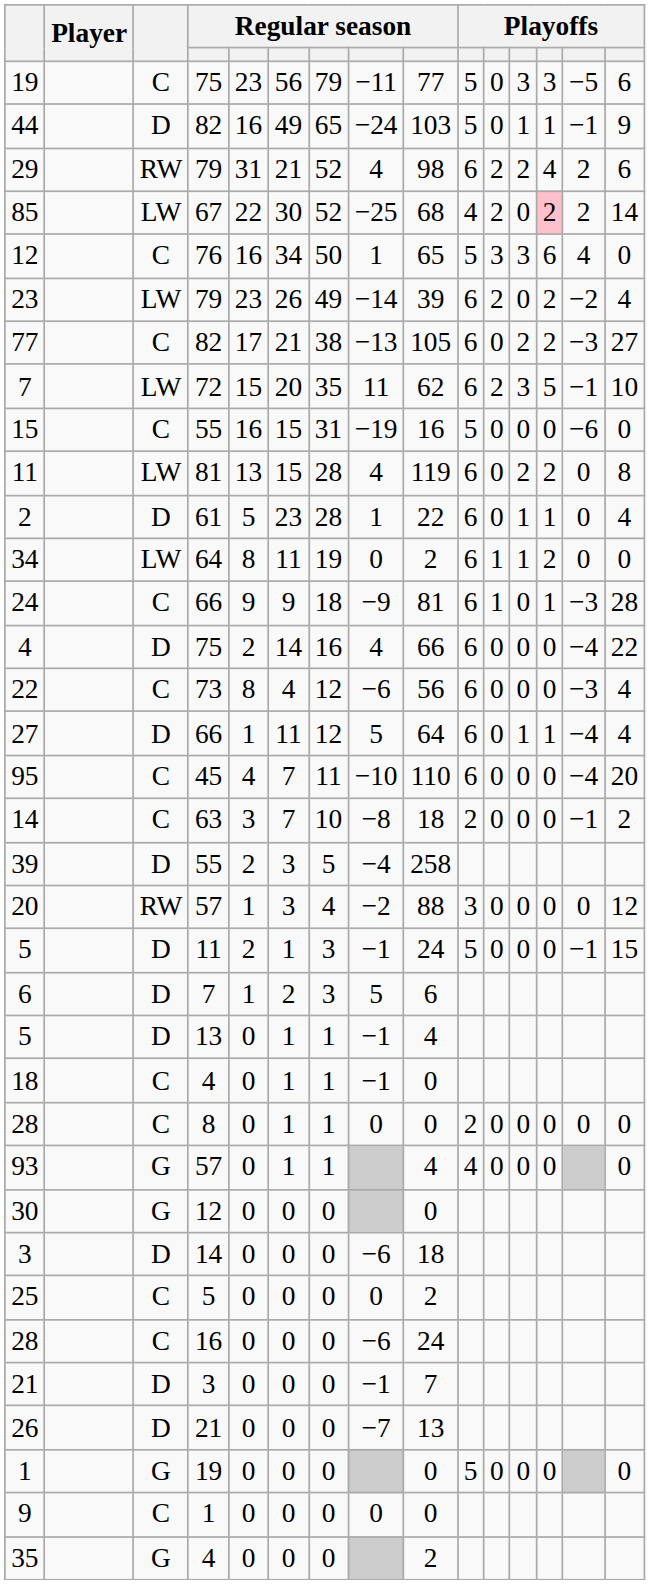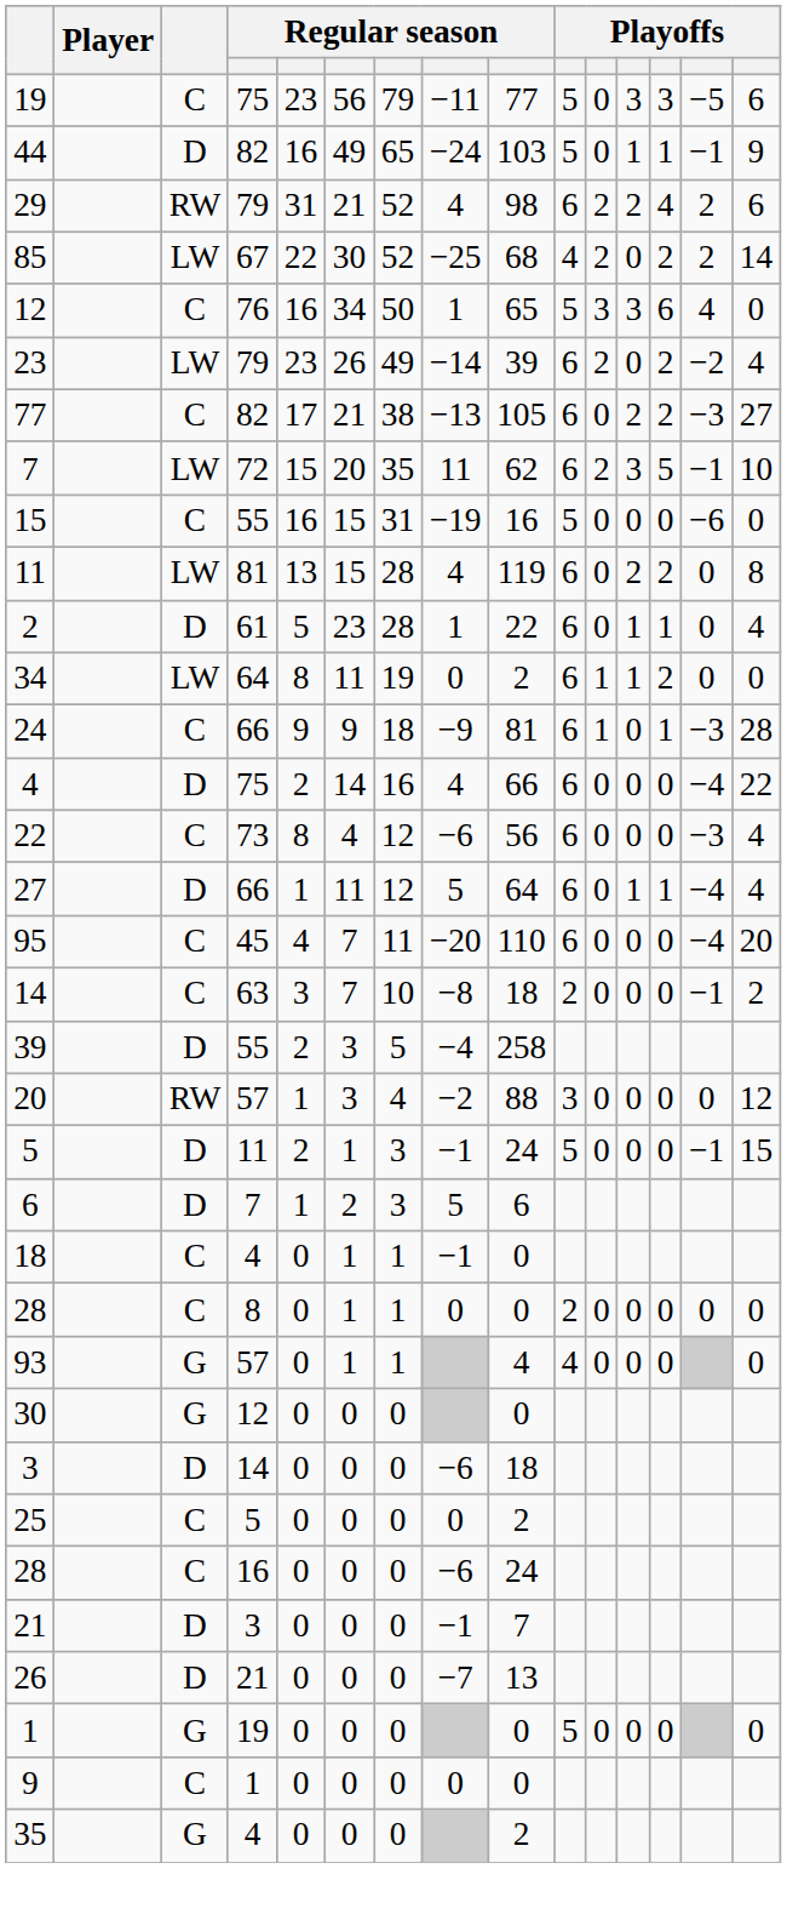 <table class="wikitable sortable plainrowheaders" style="text-align:center;">
 <tr>
 <th scope="col" data-sort-type="number" rowspan="2"></th>
 <th scope="col" rowspan="2">Player</th>
 <th scope="col" rowspan="2"></th>
 <th scope=colgroup colspan=6>Regular season</th>
 <th scope=colgroup colspan=6>Playoffs</th>
 </tr>
 <tr>
 <th scope="col" data-sort-type="number"></th>
 <th scope="col" data-sort-type="number"></th>
 <th scope="col" data-sort-type="number"></th>
 <th scope="col" data-sort-type="number"></th>
 <th scope="col" data-sort-type="number"></th>
 <th scope="col" data-sort-type="number"></th>
 <th scope="col" data-sort-type="number"></th>
 <th scope="col" data-sort-type="number"></th>
 <th scope="col" data-sort-type="number"></th>
 <th scope="col" data-sort-type="number"></th>
 <th scope="col" data-sort-type="number"></th>
 <th scope="col" data-sort-type="number"></th>
 </tr>
 <tr>
 <td scope="row">19</td>
 <td align="left"></td>
 <td>C</td>
 <td>75</td>
 <td>23</td>
 <td>56</td>
 <td>79</td>
 <td>−11</td>
 <td>77</td>
 <td>5</td>
 <td>0</td>
 <td>3</td>
 <td>3</td>
 <td>−5</td>
 <td>6</td>
 </tr>
 <tr>
 <td scope="row">44</td>
 <td align="left"></td>
 <td>D</td>
 <td>82</td>
 <td>16</td>
 <td>49</td>
 <td>65</td>
 <td>−24</td>
 <td>103</td>
 <td>5</td>
 <td>0</td>
 <td>1</td>
 <td>1</td>
 <td>−1</td>
 <td>9</td>
 </tr>
 <tr>
 <td scope="row">29</td>
 <td align="left"></td>
 <td>RW</td>
 <td>79</td>
 <td>31</td>
 <td>21</td>
 <td>52</td>
 <td>4</td>
 <td>98</td>
 <td>6</td>
 <td>2</td>
 <td>2</td>
 <td>4</td>
 <td>2</td>
 <td>6</td>
 </tr>
 <tr>
 <td scope="row">85</td>
 <td align="left"></td>
 <td>LW</td>
 <td>67</td>
 <td>22</td>
 <td>30</td>
 <td>52</td>
 <td>−25</td>
 <td>68</td>
 <td>4</td>
 <td>2</td>
 <td>0</td>
-<td style="background: pink;">2</td>
+<td>2</td>
 <td>2</td>
 <td>14</td>
 </tr>
 <tr>
 <td scope="row">12</td>
 <td align="left"></td>
 <td>C</td>
 <td>76</td>
 <td>16</td>
 <td>34</td>
 <td>50</td>
 <td>1</td>
 <td>65</td>
 <td>5</td>
 <td>3</td>
 <td>3</td>
 <td>6</td>
 <td>4</td>
 <td>0</td>
 </tr>
 <tr>
 <td scope="row">23</td>
 <td align="left"></td>
 <td>LW</td>
 <td>79</td>
 <td>23</td>
 <td>26</td>
 <td>49</td>
 <td>−14</td>
 <td>39</td>
 <td>6</td>
 <td>2</td>
 <td>0</td>
 <td>2</td>
 <td>−2</td>
 <td>4</td>
 </tr>
 <tr>
 <td scope="row">77</td>
 <td align="left"></td>
 <td>C</td>
 <td>82</td>
 <td>17</td>
 <td>21</td>
 <td>38</td>
 <td>−13</td>
 <td>105</td>
 <td>6</td>
 <td>0</td>
 <td>2</td>
 <td>2</td>
 <td>−3</td>
 <td>27</td>
 </tr>
 <tr>
 <td scope="row">7</td>
 <td align="left"></td>
 <td>LW</td>
 <td>72</td>
 <td>15</td>
 <td>20</td>
 <td>35</td>
 <td>11</td>
 <td>62</td>
 <td>6</td>
 <td>2</td>
 <td>3</td>
 <td>5</td>
 <td>−1</td>
 <td>10</td>
 </tr>
 <tr>
 <td scope="row">15</td>
 <td align="left"></td>
 <td>C</td>
 <td>55</td>
 <td>16</td>
 <td>15</td>
 <td>31</td>
 <td>−19</td>
 <td>16</td>
 <td>5</td>
 <td>0</td>
 <td>0</td>
 <td>0</td>
 <td>−6</td>
 <td>0</td>
 </tr>
 <tr>
 <td scope="row">11</td>
 <td align="left"></td>
 <td>LW</td>
 <td>81</td>
 <td>13</td>
 <td>15</td>
 <td>28</td>
 <td>4</td>
 <td>119</td>
 <td>6</td>
 <td>0</td>
 <td>2</td>
 <td>2</td>
 <td>0</td>
 <td>8</td>
 </tr>
 <tr>
 <td scope="row">2</td>
 <td align="left"></td>
 <td>D</td>
 <td>61</td>
 <td>5</td>
 <td>23</td>
 <td>28</td>
 <td>1</td>
 <td>22</td>
 <td>6</td>
 <td>0</td>
 <td>1</td>
 <td>1</td>
 <td>0</td>
 <td>4</td>
 </tr>
 <tr>
 <td scope="row">34</td>
 <td align="left"></td>
 <td>LW</td>
 <td>64</td>
 <td>8</td>
 <td>11</td>
 <td>19</td>
 <td>0</td>
 <td>2</td>
 <td>6</td>
 <td>1</td>
 <td>1</td>
 <td>2</td>
 <td>0</td>
 <td>0</td>
 </tr>
 <tr>
 <td scope="row">24</td>
 <td align="left"></td>
 <td>C</td>
 <td>66</td>
 <td>9</td>
 <td>9</td>
 <td>18</td>
 <td>−9</td>
 <td>81</td>
 <td>6</td>
 <td>1</td>
 <td>0</td>
 <td>1</td>
 <td>−3</td>
 <td>28</td>
 </tr>
 <tr>
 <td scope="row">4</td>
 <td align="left"></td>
 <td>D</td>
 <td>75</td>
 <td>2</td>
 <td>14</td>
 <td>16</td>
 <td>4</td>
 <td>66</td>
 <td>6</td>
 <td>0</td>
 <td>0</td>
 <td>0</td>
 <td>−4</td>
 <td>22</td>
 </tr>
 <tr>
 <td scope="row">22</td>
 <td align="left"></td>
 <td>C</td>
 <td>73</td>
 <td>8</td>
 <td>4</td>
 <td>12</td>
 <td>−6</td>
 <td>56</td>
 <td>6</td>
 <td>0</td>
 <td>0</td>
 <td>0</td>
 <td>−3</td>
 <td>4</td>
 </tr>
 <tr>
 <td scope="row">27</td>
 <td align="left"></td>
 <td>D</td>
 <td>66</td>
 <td>1</td>
 <td>11</td>
 <td>12</td>
 <td>5</td>
 <td>64</td>
 <td>6</td>
 <td>0</td>
 <td>1</td>
 <td>1</td>
 <td>−4</td>
 <td>4</td>
 </tr>
 <tr>
 <td scope="row">95</td>
 <td align="left"></td>
 <td>C</td>
 <td>45</td>
 <td>4</td>
 <td>7</td>
 <td>11</td>
-<td>−10</td>
+<td>−20</td>
 <td>110</td>
 <td>6</td>
 <td>0</td>
 <td>0</td>
 <td>0</td>
 <td>−4</td>
 <td>20</td>
 </tr>
 <tr>
 <td scope="row">14</td>
 <td align="left"></td>
 <td>C</td>
 <td>63</td>
 <td>3</td>
 <td>7</td>
 <td>10</td>
 <td>−8</td>
 <td>18</td>
 <td>2</td>
 <td>0</td>
 <td>0</td>
 <td>0</td>
 <td>−1</td>
 <td>2</td>
 </tr>
 <tr>
 <td scope="row">39</td>
 <td align="left"></td>
 <td>D</td>
 <td>55</td>
 <td>2</td>
 <td>3</td>
 <td>5</td>
 <td>−4</td>
 <td>258</td>
 <td></td>
 <td></td>
 <td></td>
 <td></td>
 <td></td>
 <td></td>
 </tr>
 <tr>
 <td scope="row">20</td>
 <td align="left"></td>
 <td>RW</td>
 <td>57</td>
 <td>1</td>
 <td>3</td>
 <td>4</td>
 <td>−2</td>
 <td>88</td>
 <td>3</td>
 <td>0</td>
 <td>0</td>
 <td>0</td>
 <td>0</td>
 <td>12</td>
 </tr>
 <tr>
 <td scope="row">5</td>
 <td align="left"></td>
 <td>D</td>
 <td>11</td>
 <td>2</td>
 <td>1</td>
 <td>3</td>
 <td>−1</td>
 <td>24</td>
 <td>5</td>
 <td>0</td>
 <td>0</td>
 <td>0</td>
 <td>−1</td>
 <td>15</td>
 </tr>
 <tr>
 <td scope="row">6</td>
 <td align="left"></td>
 <td>D</td>
 <td>7</td>
 <td>1</td>
 <td>2</td>
 <td>3</td>
 <td>5</td>
 <td>6</td>
-<td></td>
-<td></td>
-<td></td>
-<td></td>
-<td></td>
-<td></td>
-</tr>
-<tr>
-<td scope="row">5</td>
-<td align="left"></td>
-<td>D</td>
-<td>13</td>
-<td>0</td>
-<td>1</td>
-<td>1</td>
-<td>−1</td>
-<td>4</td>
 <td></td>
 <td></td>
 <td></td>
 <td></td>
 <td></td>
 <td></td>
 </tr>
 <tr>
 <td scope="row">18</td>
 <td align="left"></td>
 <td>C</td>
 <td>4</td>
 <td>0</td>
 <td>1</td>
 <td>1</td>
 <td>−1</td>
 <td>0</td>
 <td></td>
 <td></td>
 <td></td>
 <td></td>
 <td></td>
 <td></td>
 </tr>
 <tr>
 <td scope="row">28</td>
 <td align="left"></td>
 <td>C</td>
 <td>8</td>
 <td>0</td>
 <td>1</td>
 <td>1</td>
 <td>0</td>
 <td>0</td>
 <td>2</td>
 <td>0</td>
 <td>0</td>
 <td>0</td>
 <td>0</td>
 <td>0</td>
 </tr>
 <tr>
 <td scope="row">93</td>
 <td align="left"></td>
 <td>G</td>
 <td>57</td>
 <td>0</td>
 <td>1</td>
 <td>1</td>
 <td style="background:#ccc"></td>
 <td>4</td>
 <td>4</td>
 <td>0</td>
 <td>0</td>
 <td>0</td>
 <td style="background:#ccc"></td>
 <td>0</td>
 </tr>
 <tr>
 <td scope="row">30</td>
 <td align="left"></td>
 <td>G</td>
 <td>12</td>
 <td>0</td>
 <td>0</td>
 <td>0</td>
 <td style="background:#ccc"></td>
 <td>0</td>
 <td></td>
 <td></td>
 <td></td>
 <td></td>
 <td></td>
 <td></td>
 </tr>
 <tr>
 <td scope="row">3</td>
 <td align="left"></td>
 <td>D</td>
 <td>14</td>
 <td>0</td>
 <td>0</td>
 <td>0</td>
 <td>−6</td>
 <td>18</td>
 <td></td>
 <td></td>
 <td></td>
 <td></td>
 <td></td>
 <td></td>
 </tr>
 <tr>
 <td scope="row">25</td>
 <td align="left"></td>
 <td>C</td>
 <td>5</td>
 <td>0</td>
 <td>0</td>
 <td>0</td>
 <td>0</td>
 <td>2</td>
 <td></td>
 <td></td>
 <td></td>
 <td></td>
 <td></td>
 <td></td>
 </tr>
 <tr>
 <td scope="row">28</td>
 <td align="left"></td>
 <td>C</td>
 <td>16</td>
 <td>0</td>
 <td>0</td>
 <td>0</td>
 <td>−6</td>
 <td>24</td>
 <td></td>
 <td></td>
 <td></td>
 <td></td>
 <td></td>
 <td></td>
 </tr>
 <tr>
 <td scope="row">21</td>
 <td align="left"></td>
 <td>D</td>
 <td>3</td>
 <td>0</td>
 <td>0</td>
 <td>0</td>
 <td>−1</td>
 <td>7</td>
 <td></td>
 <td></td>
 <td></td>
 <td></td>
 <td></td>
 <td></td>
 </tr>
 <tr>
 <td scope="row">26</td>
 <td align="left"></td>
 <td>D</td>
 <td>21</td>
 <td>0</td>
 <td>0</td>
 <td>0</td>
 <td>−7</td>
 <td>13</td>
 <td></td>
 <td></td>
 <td></td>
 <td></td>
 <td></td>
 <td></td>
 </tr>
 <tr>
 <td scope="row">1</td>
 <td align="left"></td>
 <td>G</td>
 <td>19</td>
 <td>0</td>
 <td>0</td>
 <td>0</td>
 <td style="background:#ccc"></td>
 <td>0</td>
 <td>5</td>
 <td>0</td>
 <td>0</td>
 <td>0</td>
 <td style="background:#ccc"></td>
 <td>0</td>
 </tr>
 <tr>
 <td scope="row">9</td>
 <td align="left"></td>
 <td>C</td>
 <td>1</td>
 <td>0</td>
 <td>0</td>
 <td>0</td>
 <td>0</td>
 <td>0</td>
 <td></td>
 <td></td>
 <td></td>
 <td></td>
 <td></td>
 <td></td>
 </tr>
 <tr>
 <td scope="row">35</td>
 <td align="left"></td>
 <td>G</td>
 <td>4</td>
 <td>0</td>
 <td>0</td>
 <td>0</td>
 <td style="background:#ccc"></td>
 <td>2</td>
 <td></td>
 <td></td>
 <td></td>
 <td></td>
 <td></td>
 <td></td>
 </tr>
 </table>
